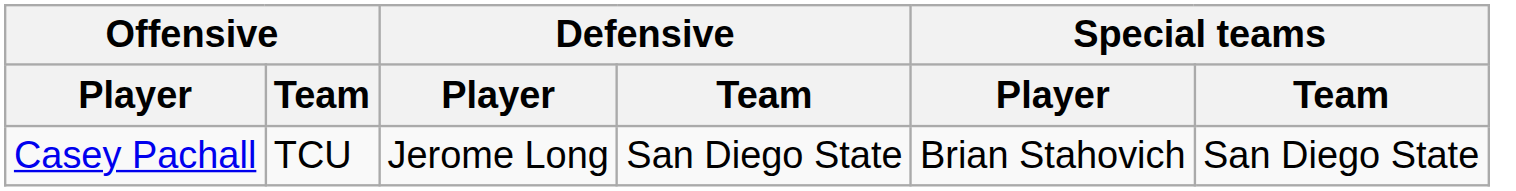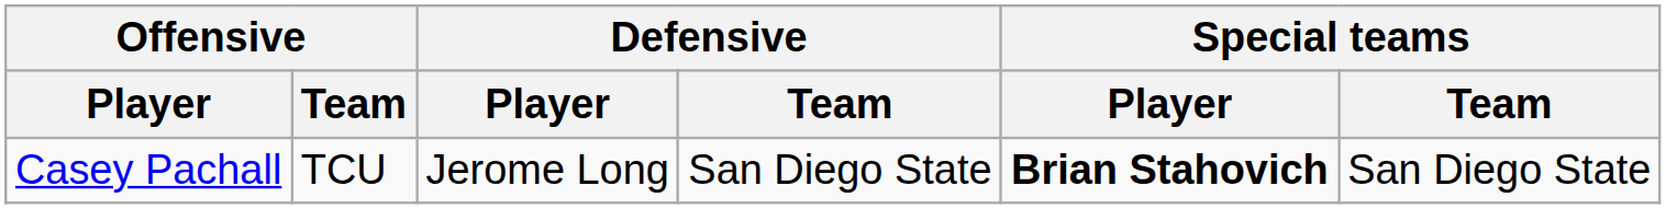 <table class="wikitable">
 <tr>
 <th colspan="2">Offensive</th>
 <th colspan="2">Defensive</th>
 <th colspan="2">Special teams</th>
 </tr>
 <tr>
 <th>Player</th>
 <th>Team</th>
 <th>Player</th>
 <th>Team</th>
 <th>Player</th>
 <th>Team</th>
 </tr>
 <tr>
 <td><a href='#'>Casey Pachall</a></td>
 <td>TCU</td>
 <td>Jerome Long</td>
 <td>San Diego State</td>
-<td>Brian Stahovich</td>
+<td><strong>Brian Stahovich</strong></td>
 <td>San Diego State</td>
 </tr>
 </table>
